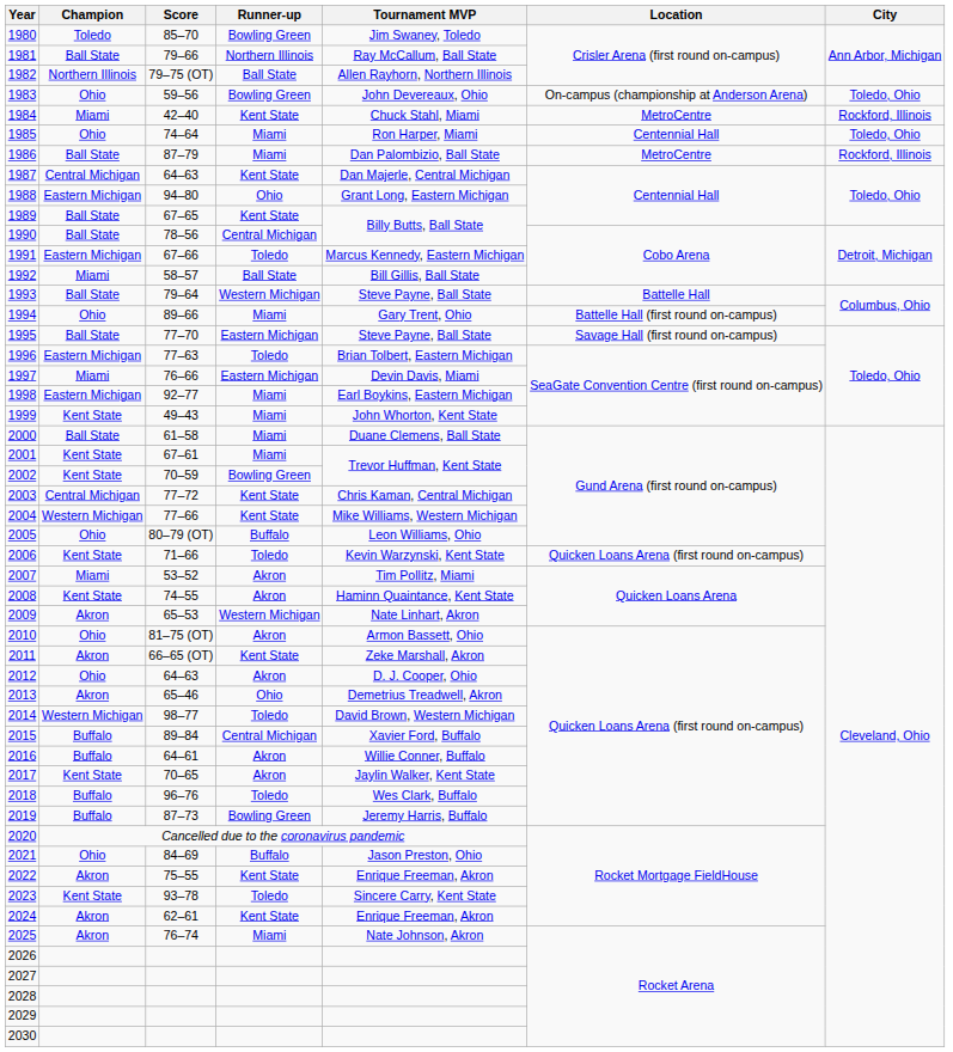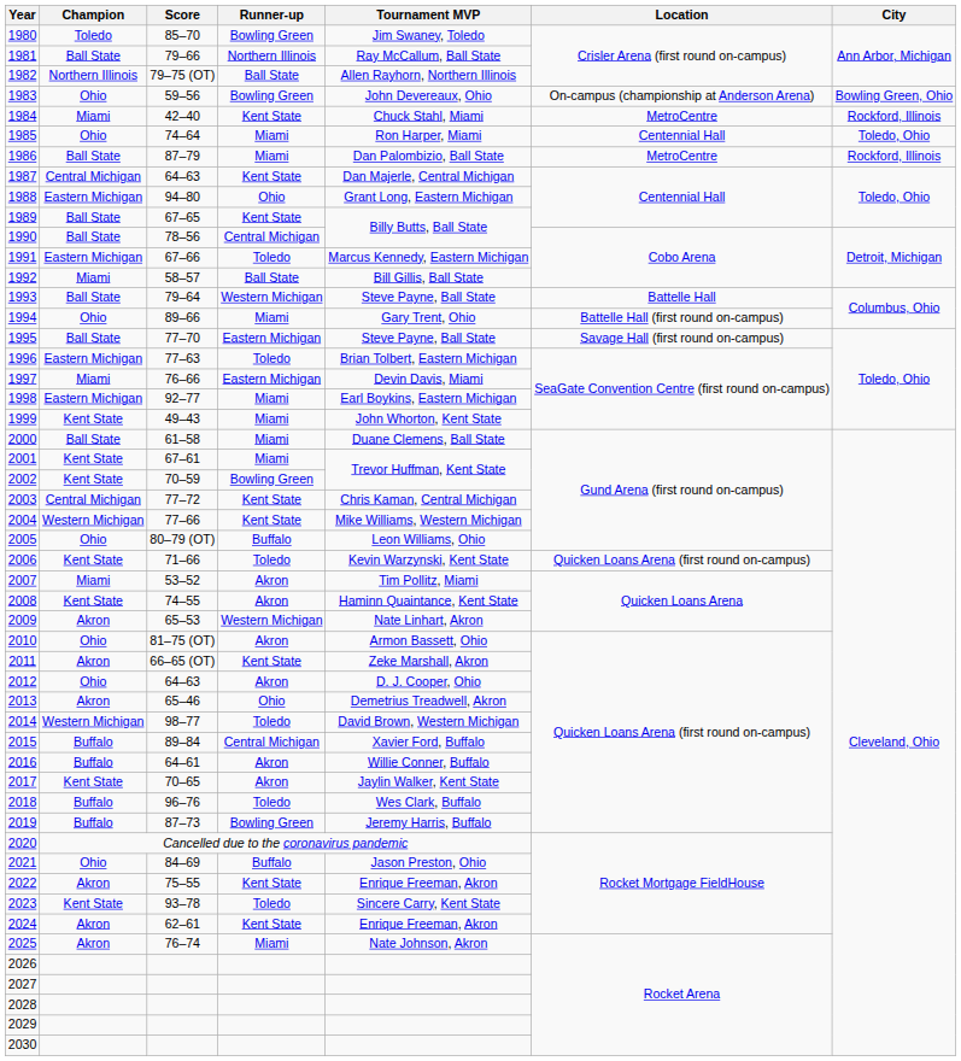 <table class="wikitable sortable" style="text-align:center">
 <tr>
 <th width=px>Year</th>
 <th width=px>Champion</th>
 <th width=px>Score</th>
 <th width=px>Runner-up</th>
 <th width=px>Tournament MVP</th>
 <th width=px>Location</th>
 <th width=px>City</th>
 </tr>
 <tr>
 <td><a href='#'>1980</a></td>
 <td><a href='#'>Toledo</a></td>
 <td>85–70</td>
 <td><a href='#'>Bowling Green</a></td>
 <td><a href='#'>Jim Swaney</a>, <a href='#'>Toledo</a></td>
 <td rowspan=3><a href='#'>Crisler Arena</a> (first round on-campus)</td>
 <td rowspan=3><a href='#'>Ann Arbor, Michigan</a></td>
 </tr>
 <tr>
 <td><a href='#'>1981</a></td>
 <td><a href='#'>Ball State</a></td>
 <td>79–66</td>
 <td><a href='#'>Northern Illinois</a></td>
 <td><a href='#'>Ray McCallum</a>, <a href='#'>Ball State</a></td>
 </tr>
 <tr>
 <td><a href='#'>1982</a></td>
 <td><a href='#'>Northern Illinois</a></td>
 <td>79–75 (OT)</td>
 <td><a href='#'>Ball State</a></td>
 <td><a href='#'>Allen Rayhorn</a>, <a href='#'>Northern Illinois</a></td>
 </tr>
 <tr>
 <td><a href='#'>1983</a></td>
 <td><a href='#'>Ohio</a></td>
 <td>59–56</td>
 <td><a href='#'>Bowling Green</a></td>
 <td><a href='#'>John Devereaux</a>, <a href='#'>Ohio</a></td>
 <td>On-campus (championship at <a href='#'>Anderson Arena</a>)</td>
-<td><a href='#'>Toledo, Ohio</a></td>
+<td><a href='#'>Bowling Green, Ohio</a></td>
 </tr>
 <tr>
 <td><a href='#'>1984</a></td>
 <td><a href='#'>Miami</a></td>
 <td>42–40</td>
 <td><a href='#'>Kent State</a></td>
 <td><a href='#'>Chuck Stahl</a>, <a href='#'>Miami</a></td>
 <td><a href='#'>MetroCentre</a></td>
 <td><a href='#'>Rockford, Illinois</a></td>
 </tr>
 <tr>
 <td><a href='#'>1985</a></td>
 <td><a href='#'>Ohio</a></td>
 <td>74–64</td>
 <td><a href='#'>Miami</a></td>
 <td><a href='#'>Ron Harper</a>, <a href='#'>Miami</a></td>
 <td><a href='#'>Centennial Hall</a></td>
 <td><a href='#'>Toledo, Ohio</a></td>
 </tr>
 <tr>
 <td><a href='#'>1986</a></td>
 <td><a href='#'>Ball State</a></td>
 <td>87–79</td>
 <td><a href='#'>Miami</a></td>
 <td><a href='#'>Dan Palombizio</a>, <a href='#'>Ball State</a></td>
 <td><a href='#'>MetroCentre</a></td>
 <td><a href='#'>Rockford, Illinois</a></td>
 </tr>
 <tr>
 <td><a href='#'>1987</a></td>
 <td><a href='#'>Central Michigan</a></td>
 <td>64–63</td>
 <td><a href='#'>Kent State</a></td>
 <td><a href='#'>Dan Majerle</a>, <a href='#'>Central Michigan</a></td>
 <td rowspan=3><a href='#'>Centennial Hall</a></td>
 <td rowspan=3><a href='#'>Toledo, Ohio</a></td>
 </tr>
 <tr>
 <td><a href='#'>1988</a></td>
 <td><a href='#'>Eastern Michigan</a></td>
 <td>94–80</td>
 <td><a href='#'>Ohio</a></td>
 <td><a href='#'>Grant Long</a>, <a href='#'>Eastern Michigan</a></td>
 </tr>
 <tr>
 <td><a href='#'>1989</a></td>
 <td><a href='#'>Ball State</a></td>
 <td>67–65</td>
 <td><a href='#'>Kent State</a></td>
 <td rowspan=2><a href='#'>Billy Butts</a>, <a href='#'>Ball State</a></td>
 </tr>
 <tr>
 <td><a href='#'>1990</a></td>
 <td><a href='#'>Ball State</a></td>
 <td>78–56</td>
 <td><a href='#'>Central Michigan</a></td>
 <td rowspan=3><a href='#'>Cobo Arena</a></td>
 <td rowspan=3><a href='#'>Detroit, Michigan</a></td>
 </tr>
 <tr>
 <td><a href='#'>1991</a></td>
 <td><a href='#'>Eastern Michigan</a></td>
 <td>67–66</td>
 <td><a href='#'>Toledo</a></td>
 <td><a href='#'>Marcus Kennedy</a>, <a href='#'>Eastern Michigan</a></td>
 </tr>
 <tr>
 <td><a href='#'>1992</a></td>
 <td><a href='#'>Miami</a></td>
 <td>58–57</td>
 <td><a href='#'>Ball State</a></td>
 <td><a href='#'>Bill Gillis</a>, <a href='#'>Ball State</a></td>
 </tr>
 <tr>
 <td><a href='#'>1993</a></td>
 <td><a href='#'>Ball State</a></td>
 <td>79–64</td>
 <td><a href='#'>Western Michigan</a></td>
 <td><a href='#'>Steve Payne</a>, <a href='#'>Ball State</a></td>
 <td><a href='#'>Battelle Hall</a></td>
 <td rowspan=2><a href='#'>Columbus, Ohio</a></td>
 </tr>
 <tr>
 <td><a href='#'>1994</a></td>
 <td><a href='#'>Ohio</a></td>
 <td>89–66</td>
 <td><a href='#'>Miami</a></td>
 <td><a href='#'>Gary Trent</a>, <a href='#'>Ohio</a></td>
 <td><a href='#'>Battelle Hall</a> (first round on-campus)</td>
 </tr>
 <tr>
 <td><a href='#'>1995</a></td>
 <td><a href='#'>Ball State</a></td>
 <td>77–70</td>
 <td><a href='#'>Eastern Michigan</a></td>
 <td><a href='#'>Steve Payne</a>, <a href='#'>Ball State</a></td>
 <td><a href='#'>Savage Hall</a> (first round on-campus)</td>
 <td rowspan=5><a href='#'>Toledo, Ohio</a></td>
 </tr>
 <tr>
 <td><a href='#'>1996</a></td>
 <td><a href='#'>Eastern Michigan</a></td>
 <td>77–63</td>
 <td><a href='#'>Toledo</a></td>
 <td><a href='#'>Brian Tolbert</a>, <a href='#'>Eastern Michigan</a></td>
 <td rowspan=4><a href='#'>SeaGate Convention Centre</a> (first round on-campus)</td>
 </tr>
 <tr>
 <td><a href='#'>1997</a></td>
 <td><a href='#'>Miami</a></td>
 <td>76–66</td>
 <td><a href='#'>Eastern Michigan</a></td>
 <td><a href='#'>Devin Davis</a>, <a href='#'>Miami</a></td>
 </tr>
 <tr>
 <td><a href='#'>1998</a></td>
 <td><a href='#'>Eastern Michigan</a></td>
 <td>92–77</td>
 <td><a href='#'>Miami</a></td>
 <td><a href='#'>Earl Boykins</a>, <a href='#'>Eastern Michigan</a></td>
 </tr>
 <tr>
 <td><a href='#'>1999</a></td>
 <td><a href='#'>Kent State</a></td>
 <td>49–43</td>
 <td><a href='#'>Miami</a></td>
 <td><a href='#'>John Whorton</a>, <a href='#'>Kent State</a></td>
 </tr>
 <tr>
 <td><a href='#'>2000</a></td>
 <td><a href='#'>Ball State</a></td>
 <td>61–58</td>
 <td><a href='#'>Miami</a></td>
 <td><a href='#'>Duane Clemens</a>, <a href='#'>Ball State</a></td>
 <td rowspan=6><a href='#'>Gund Arena</a> (first round on-campus)</td>
 <td rowspan=31><a href='#'>Cleveland, Ohio</a></td>
 </tr>
 <tr>
 <td><a href='#'>2001</a></td>
 <td><a href='#'>Kent State</a></td>
 <td>67–61</td>
 <td><a href='#'>Miami</a></td>
 <td rowspan=2><a href='#'>Trevor Huffman</a>, <a href='#'>Kent State</a></td>
 </tr>
 <tr>
 <td><a href='#'>2002</a></td>
 <td><a href='#'>Kent State</a></td>
 <td>70–59</td>
 <td><a href='#'>Bowling Green</a></td>
 </tr>
 <tr>
 <td><a href='#'>2003</a></td>
 <td><a href='#'>Central Michigan</a></td>
 <td>77–72</td>
 <td><a href='#'>Kent State</a></td>
 <td><a href='#'>Chris Kaman</a>, <a href='#'>Central Michigan</a></td>
 </tr>
 <tr>
 <td><a href='#'>2004</a></td>
 <td><a href='#'>Western Michigan</a></td>
 <td>77–66</td>
 <td><a href='#'>Kent State</a></td>
 <td><a href='#'>Mike Williams</a>, <a href='#'>Western Michigan</a></td>
 </tr>
 <tr>
 <td><a href='#'>2005</a></td>
 <td><a href='#'>Ohio</a></td>
 <td>80–79 (OT)</td>
 <td><a href='#'>Buffalo</a></td>
 <td><a href='#'>Leon Williams</a>, <a href='#'>Ohio</a></td>
 </tr>
 <tr>
 <td><a href='#'>2006</a></td>
 <td><a href='#'>Kent State</a></td>
 <td>71–66</td>
 <td><a href='#'>Toledo</a></td>
 <td><a href='#'>Kevin Warzynski</a>, <a href='#'>Kent State</a></td>
 <td><a href='#'>Quicken Loans Arena</a> (first round on-campus)</td>
 </tr>
 <tr>
 <td><a href='#'>2007</a></td>
 <td><a href='#'>Miami</a></td>
 <td>53–52</td>
 <td><a href='#'>Akron</a></td>
 <td><a href='#'>Tim Pollitz</a>, <a href='#'>Miami</a></td>
 <td rowspan=3><a href='#'>Quicken Loans Arena</a></td>
 </tr>
 <tr>
 <td><a href='#'>2008</a></td>
 <td><a href='#'>Kent State</a></td>
 <td>74–55</td>
 <td><a href='#'>Akron</a></td>
 <td><a href='#'>Haminn Quaintance</a>, <a href='#'>Kent State</a></td>
 </tr>
 <tr>
 <td><a href='#'>2009</a></td>
 <td><a href='#'>Akron</a></td>
 <td>65–53</td>
 <td><a href='#'>Western Michigan</a></td>
 <td><a href='#'>Nate Linhart</a>, <a href='#'>Akron</a></td>
 </tr>
 <tr>
 <td><a href='#'>2010</a></td>
 <td><a href='#'>Ohio</a></td>
 <td>81–75 (OT)</td>
 <td><a href='#'>Akron</a></td>
 <td><a href='#'>Armon Bassett</a>, <a href='#'>Ohio</a></td>
 <td rowspan=10><a href='#'>Quicken Loans Arena</a> (first round on-campus)</td>
 </tr>
 <tr>
 <td><a href='#'>2011</a></td>
 <td><a href='#'>Akron</a></td>
 <td>66–65 (OT)</td>
 <td><a href='#'>Kent State</a></td>
 <td><a href='#'>Zeke Marshall</a>, <a href='#'>Akron</a></td>
 </tr>
 <tr>
 <td><a href='#'>2012</a></td>
 <td><a href='#'>Ohio</a></td>
 <td>64–63</td>
 <td><a href='#'>Akron</a></td>
 <td><a href='#'>D. J. Cooper</a>, <a href='#'>Ohio</a></td>
 </tr>
 <tr>
 <td><a href='#'>2013</a></td>
 <td><a href='#'>Akron</a></td>
 <td>65–46</td>
 <td><a href='#'>Ohio</a></td>
 <td><a href='#'>Demetrius Treadwell</a>, <a href='#'>Akron</a></td>
 </tr>
 <tr>
 <td><a href='#'>2014</a></td>
 <td><a href='#'>Western Michigan</a></td>
 <td>98–77</td>
 <td><a href='#'>Toledo</a></td>
 <td><a href='#'>David Brown</a>, <a href='#'>Western Michigan</a></td>
 </tr>
 <tr>
 <td><a href='#'>2015</a></td>
 <td><a href='#'>Buffalo</a></td>
 <td>89–84</td>
 <td><a href='#'>Central Michigan</a></td>
 <td><a href='#'>Xavier Ford</a>, <a href='#'>Buffalo</a></td>
 </tr>
 <tr>
 <td><a href='#'>2016</a></td>
 <td><a href='#'>Buffalo</a></td>
 <td>64–61</td>
 <td><a href='#'>Akron</a></td>
 <td><a href='#'>Willie Conner</a>, <a href='#'>Buffalo</a></td>
 </tr>
 <tr>
 <td><a href='#'>2017</a></td>
 <td><a href='#'>Kent State</a></td>
 <td>70–65</td>
 <td><a href='#'>Akron</a></td>
 <td><a href='#'>Jaylin Walker</a>, <a href='#'>Kent State</a></td>
 </tr>
 <tr>
 <td><a href='#'>2018</a></td>
 <td><a href='#'>Buffalo</a></td>
 <td>96–76</td>
 <td><a href='#'>Toledo</a></td>
 <td><a href='#'>Wes Clark</a>, <a href='#'>Buffalo</a></td>
 </tr>
 <tr>
 <td><a href='#'>2019</a></td>
 <td><a href='#'>Buffalo</a></td>
 <td>87–73</td>
 <td><a href='#'>Bowling Green</a></td>
 <td><a href='#'>Jeremy Harris</a>, <a href='#'>Buffalo</a></td>
 </tr>
 <tr>
 <td><a href='#'>2020</a></td>
 <td colspan=4><em>Cancelled due to the <a href='#'>coronavirus pandemic</a></em></td>
 <td rowspan=5><a href='#'>Rocket Mortgage FieldHouse</a></td>
 </tr>
 <tr>
 <td><a href='#'>2021</a></td>
 <td><a href='#'>Ohio</a></td>
 <td>84–69</td>
 <td><a href='#'>Buffalo</a></td>
 <td><a href='#'>Jason Preston</a>, <a href='#'>Ohio</a></td>
 </tr>
 <tr>
 <td><a href='#'>2022</a></td>
 <td><a href='#'>Akron</a></td>
 <td>75–55</td>
 <td><a href='#'>Kent State</a></td>
 <td><a href='#'>Enrique Freeman</a>, <a href='#'>Akron</a></td>
 </tr>
 <tr>
 <td><a href='#'>2023</a></td>
 <td><a href='#'>Kent State</a></td>
 <td>93–78</td>
 <td><a href='#'>Toledo</a></td>
 <td><a href='#'>Sincere Carry</a>, <a href='#'>Kent State</a></td>
 </tr>
 <tr>
 <td><a href='#'>2024</a></td>
 <td><a href='#'>Akron</a></td>
 <td>62–61</td>
 <td><a href='#'>Kent State</a></td>
 <td><a href='#'>Enrique Freeman</a>, <a href='#'>Akron</a></td>
 </tr>
 <tr>
 <td><a href='#'>2025</a></td>
 <td><a href='#'>Akron</a></td>
 <td>76–74</td>
 <td><a href='#'>Miami</a></td>
 <td><a href='#'>Nate Johnson</a>, <a href='#'>Akron</a></td>
 <td rowspan=6><a href='#'>Rocket Arena</a></td>
 </tr>
 <tr>
 <td>2026</td>
 <td></td>
 <td></td>
 <td></td>
 <td></td>
 </tr>
 <tr>
 <td>2027</td>
 <td></td>
 <td></td>
 <td></td>
 <td></td>
 </tr>
 <tr>
 <td>2028</td>
 <td></td>
 <td></td>
 <td></td>
 <td></td>
 </tr>
 <tr>
 <td>2029</td>
 <td></td>
 <td></td>
 <td></td>
 <td></td>
 </tr>
 <tr>
 <td>2030</td>
 <td></td>
 <td></td>
 <td></td>
 <td></td>
 </tr>
 </table>
